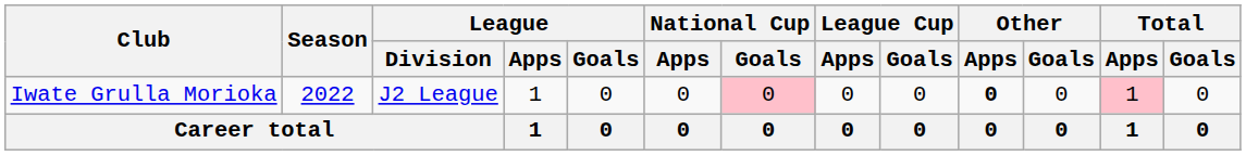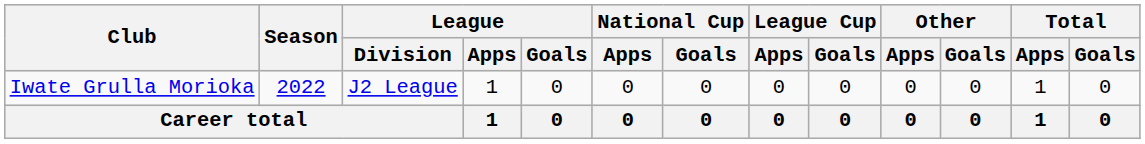 <table class="wikitable" style="text-align: center">
 <tr>
 <th rowspan="2">Club</th>
 <th rowspan="2">Season</th>
 <th colspan="3">League</th>
 <th colspan="2">National Cup</th>
 <th colspan="2">League Cup</th>
 <th colspan="2">Other</th>
 <th colspan="2">Total</th>
 </tr>
 <tr>
 <th>Division</th>
 <th>Apps</th>
 <th>Goals</th>
 <th>Apps</th>
 <th>Goals</th>
 <th>Apps</th>
 <th>Goals</th>
 <th>Apps</th>
 <th>Goals</th>
 <th>Apps</th>
 <th>Goals</th>
 </tr>
 <tr>
 <td><a href='#'>Iwate Grulla Morioka</a></td>
 <td><a href='#'>2022</a></td>
 <td><a href='#'>J2 League</a></td>
 <td>1</td>
 <td>0</td>
 <td>0</td>
-<td style="background: pink;">0</td>
 <td>0</td>
 <td>0</td>
-<td><strong>0</strong></td>
 <td>0</td>
-<td style="background: pink;">1</td>
+<td>0</td>
+<td>0</td>
+<td>1</td>
 <td>0</td>
 </tr>
 <tr>
 <th colspan=3>Career total</th>
 <th>1</th>
 <th>0</th>
 <th>0</th>
 <th>0</th>
 <th>0</th>
 <th>0</th>
 <th>0</th>
 <th>0</th>
 <th>1</th>
 <th>0</th>
 </tr>
 </table>
